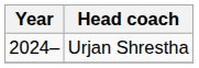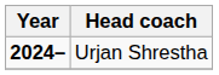 <table class="wikitable">
 <tr>
 <th>Year</th>
 <th>Head coach</th>
 </tr>
 <tr>
-<td>2024–</td>
+<td><strong>2024–</strong></td>
 <td>  Urjan Shrestha</td>
 </tr>
 <tr>
 </tr>
 </table>
